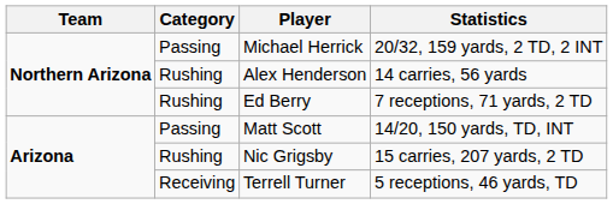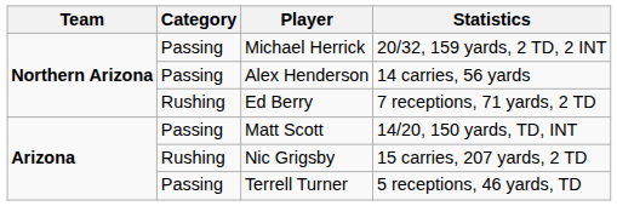 <table class="wikitable" style="float: right;">
 <tr>
 <th>Team</th>
 <th>Category</th>
 <th>Player</th>
 <th>Statistics</th>
 </tr>
 <tr>
 <td rowspan=3><strong>Northern Arizona</strong></td>
 <td>Passing</td>
 <td>Michael Herrick</td>
 <td>20/32, 159 yards, 2 TD, 2 INT</td>
 </tr>
 <tr>
-<td>Rushing</td>
+<td>Passing</td>
 <td>Alex Henderson</td>
 <td>14 carries, 56 yards</td>
 </tr>
 <tr>
 <td>Rushing</td>
 <td>Ed Berry</td>
 <td>7 receptions, 71 yards, 2 TD</td>
 </tr>
 <tr>
 <td rowspan=3><strong>Arizona</strong></td>
 <td>Passing</td>
 <td>Matt Scott</td>
 <td>14/20, 150 yards, TD, INT</td>
 </tr>
 <tr>
 <td>Rushing</td>
 <td>Nic Grigsby</td>
 <td>15 carries, 207 yards, 2 TD</td>
 </tr>
 <tr>
-<td>Receiving</td>
+<td>Passing</td>
 <td>Terrell Turner</td>
 <td>5 receptions, 46 yards, TD</td>
 </tr>
 </table>
